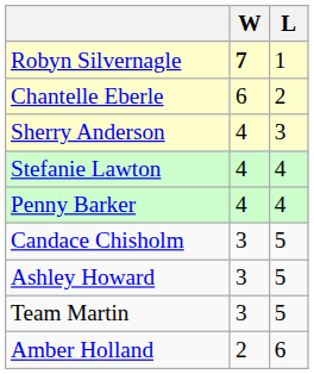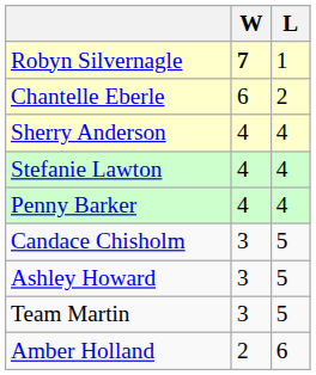 <table class=wikitable>
 <tr>
 <th width=150></th>
 <th width=20>W</th>
 <th width=20>L</th>
 </tr>
 <tr style="background:#ffffcc;">
 <td><a href='#'>Robyn Silvernagle</a></td>
 <td><strong>7</strong></td>
 <td>1</td>
 </tr>
 <tr style="background:#ffffcc;">
 <td><a href='#'>Chantelle Eberle</a></td>
 <td>6</td>
 <td>2</td>
 </tr>
 <tr style="background:#ffffcc;">
 <td><a href='#'>Sherry Anderson</a></td>
 <td>4</td>
-<td>3</td>
+<td>4</td>
 </tr>
 <tr style="background:#ccffcc;">
 <td><a href='#'>Stefanie Lawton</a></td>
 <td>4</td>
 <td>4</td>
 </tr>
 <tr style="background:#ccffcc;">
 <td><a href='#'>Penny Barker</a></td>
 <td>4</td>
 <td>4</td>
 </tr>
 <tr>
 <td><a href='#'>Candace Chisholm</a></td>
 <td>3</td>
 <td>5</td>
 </tr>
 <tr>
 <td><a href='#'>Ashley Howard</a></td>
 <td>3</td>
 <td>5</td>
 </tr>
 <tr>
 <td>Team  Martin</td>
 <td>3</td>
 <td>5</td>
 </tr>
 <tr>
 <td><a href='#'>Amber Holland</a></td>
 <td>2</td>
 <td>6</td>
 </tr>
 </table>
